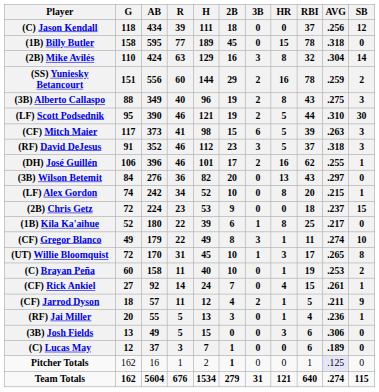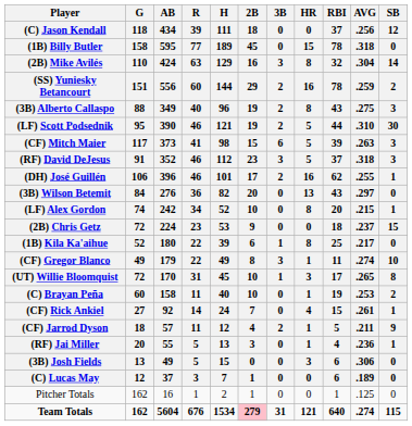 <table class="wikitable">
 <tr>
 <th bgcolor="#DDDDFF" width="30%">Player</th>
 <th bgcolor="#DDDDFF" width="7%">G</th>
 <th bgcolor="#DDDDFF" width="7%">AB</th>
 <th bgcolor="#DDDDFF" width="7%">R</th>
 <th bgcolor="#DDDDFF" width="7%">H</th>
 <th bgcolor="#DDDDFF" width="7%">2B</th>
 <th bgcolor="#DDDDFF" width="7%">3B</th>
 <th bgcolor="#DDDDFF" width="7%">HR</th>
 <th bgcolor="#DDDDFF" width="7%">RBI</th>
 <th bgcolor="#DDDDFF" width="7%">AVG</th>
 <th bgcolor="#DDDDFF" width="7%">SB</th>
 </tr>
 <tr>
 <th>(C) <a href='#'>Jason Kendall</a></th>
 <th>118</th>
 <th>434</th>
 <th>39</th>
 <th>111</th>
 <th>18</th>
 <th>0</th>
 <th>0</th>
 <th>37</th>
 <th>.256</th>
 <th>12</th>
 </tr>
 <tr>
 <th>(1B) <a href='#'>Billy Butler</a></th>
 <th>158</th>
 <th>595</th>
 <th>77</th>
 <th>189</th>
 <th>45</th>
 <th>0</th>
 <th>15</th>
 <th>78</th>
 <th>.318</th>
 <th>0</th>
 </tr>
 <tr>
 <th>(2B) <a href='#'>Mike Avilés</a></th>
 <th>110</th>
 <th>424</th>
 <th>63</th>
 <th>129</th>
 <th>16</th>
 <th>3</th>
 <th>8</th>
 <th>32</th>
 <th>.304</th>
 <th>14</th>
 </tr>
 <tr>
 <th>(SS) <a href='#'>Yuniesky Betancourt</a></th>
 <th>151</th>
 <th>556</th>
 <th>60</th>
 <th>144</th>
 <th>29</th>
 <th>2</th>
 <th>16</th>
 <th>78</th>
 <th>.259</th>
 <th>2</th>
 </tr>
 <tr>
 <th>(3B) <a href='#'>Alberto Callaspo</a></th>
 <th>88</th>
 <th>349</th>
 <th>40</th>
 <th>96</th>
 <th>19</th>
 <th>2</th>
 <th>8</th>
 <th>43</th>
 <th>.275</th>
 <th>3</th>
 </tr>
 <tr>
 <th>(LF) <a href='#'>Scott Podsednik</a></th>
 <th>95</th>
 <th>390</th>
 <th>46</th>
 <th>121</th>
 <th>19</th>
 <th>2</th>
 <th>5</th>
 <th>44</th>
 <th>.310</th>
 <th>30</th>
 </tr>
 <tr>
 <th>(CF) <a href='#'>Mitch Maier</a></th>
 <th>117</th>
 <th>373</th>
 <th>41</th>
 <th>98</th>
 <th>15</th>
 <th>6</th>
 <th>5</th>
 <th>39</th>
 <th>.263</th>
 <th>3</th>
 </tr>
 <tr>
 <th>(RF) <a href='#'>David DeJesus</a></th>
 <th>91</th>
 <th>352</th>
 <th>46</th>
 <th>112</th>
 <th>23</th>
 <th>3</th>
 <th>5</th>
 <th>37</th>
 <th>.318</th>
 <th>3</th>
 </tr>
 <tr>
 <th>(DH) <a href='#'>José Guillén</a></th>
 <th>106</th>
 <th>396</th>
 <th>46</th>
 <th>101</th>
 <th>17</th>
 <th>2</th>
 <th>16</th>
 <th>62</th>
 <th>.255</th>
 <th>1</th>
 </tr>
 <tr>
 <th>(3B) <a href='#'>Wilson Betemit</a></th>
 <th>84</th>
 <th>276</th>
 <th>36</th>
 <th>82</th>
 <th>20</th>
 <th>0</th>
 <th>13</th>
 <th>43</th>
 <th>.297</th>
 <th>0</th>
 </tr>
 <tr>
 <th>(LF) <a href='#'>Alex Gordon</a></th>
 <th>74</th>
 <th>242</th>
 <th>34</th>
 <th>52</th>
 <th>10</th>
 <th>0</th>
 <th>8</th>
 <th>20</th>
 <th>.215</th>
 <th>1</th>
 </tr>
 <tr>
 <th>(2B) <a href='#'>Chris Getz</a></th>
 <th>72</th>
 <th>224</th>
 <th>23</th>
 <th>53</th>
 <th>9</th>
 <th>0</th>
 <th>0</th>
 <th>18</th>
 <th>.237</th>
 <th>15</th>
 </tr>
 <tr>
 <th>(1B) <a href='#'>Kila Ka'aihue</a></th>
 <th>52</th>
 <th>180</th>
 <th>22</th>
 <th>39</th>
 <th>6</th>
 <th>1</th>
 <th>8</th>
 <th>25</th>
 <th>.217</th>
 <th>0</th>
 </tr>
 <tr>
 <th>(CF) <a href='#'>Gregor Blanco</a></th>
 <th>49</th>
 <th>179</th>
 <th>22</th>
 <th>49</th>
 <th>8</th>
 <th>3</th>
 <th>1</th>
 <th>11</th>
 <th>.274</th>
 <th>10</th>
 </tr>
 <tr>
 <th>(UT) <a href='#'>Willie Bloomquist</a></th>
 <th>72</th>
 <th>170</th>
 <th>31</th>
 <th>45</th>
 <th>10</th>
 <th>1</th>
 <th>3</th>
 <th>17</th>
 <th>.265</th>
 <th>8</th>
 </tr>
 <tr>
 <th>(C) <a href='#'>Brayan Peña</a></th>
 <th>60</th>
 <th>158</th>
 <th>11</th>
 <th>40</th>
 <th>10</th>
 <th>0</th>
 <th>1</th>
 <th>19</th>
 <th>.253</th>
 <th>2</th>
 </tr>
 <tr>
 <th>(CF) <a href='#'>Rick Ankiel</a></th>
 <th>27</th>
 <th>92</th>
 <th>14</th>
 <th>24</th>
 <th>7</th>
 <th>0</th>
 <th>4</th>
 <th>15</th>
 <th>.261</th>
 <th>1</th>
 </tr>
 <tr>
 <th>(CF) <a href='#'>Jarrod Dyson</a></th>
 <th>18</th>
 <th>57</th>
 <th>11</th>
 <th>12</th>
 <th>4</th>
 <th>2</th>
 <th>1</th>
 <th>5</th>
 <th>.211</th>
 <th>9</th>
 </tr>
 <tr>
 <th>(RF) <a href='#'>Jai Miller</a></th>
 <th>20</th>
 <th>55</th>
 <th>5</th>
 <th>13</th>
 <th>3</th>
 <th>0</th>
 <th>1</th>
 <th>4</th>
 <th>.236</th>
 <th>1</th>
 </tr>
 <tr>
 <th>(3B) <a href='#'>Josh Fields</a></th>
 <th>13</th>
 <th>49</th>
 <th>5</th>
 <th>15</th>
 <th>0</th>
 <th>0</th>
 <th>3</th>
 <th>6</th>
 <th>.306</th>
 <th>0</th>
 </tr>
 <tr>
 <th>(C) <a href='#'>Lucas May</a></th>
 <th>12</th>
 <th>37</th>
 <th>3</th>
 <th>7</th>
 <th>1</th>
 <th>0</th>
 <th>0</th>
 <th>6</th>
 <th>.189</th>
 <th>0</th>
 </tr>
 <tr align=center>
-<td><strong>Pitcher Totals</strong></td>
+<td>Pitcher Totals</td>
 <td>162</td>
 <td>16</td>
 <td>1</td>
 <td>2</td>
-<td><strong>1</strong></td>
+<td>1</td>
 <td>0</td>
 <td>0</td>
 <td>1</td>
-<td style="background: lavender;">.125</td>
+<td>.125</td>
 <td>0</td>
 </tr>
 <tr align=center>
 <td><strong>Team Totals</strong></td>
 <td><strong>162</strong></td>
 <td><strong>5604</strong></td>
 <td><strong>676</strong></td>
 <td><strong>1534</strong></td>
-<td><strong>279</strong></td>
+<td style="background: pink;"><strong>279</strong></td>
 <td><strong>31</strong></td>
 <td><strong>121</strong></td>
 <td><strong>640</strong></td>
 <td><strong>.274</strong></td>
 <td><strong>115</strong></td>
 </tr>
 </table>
